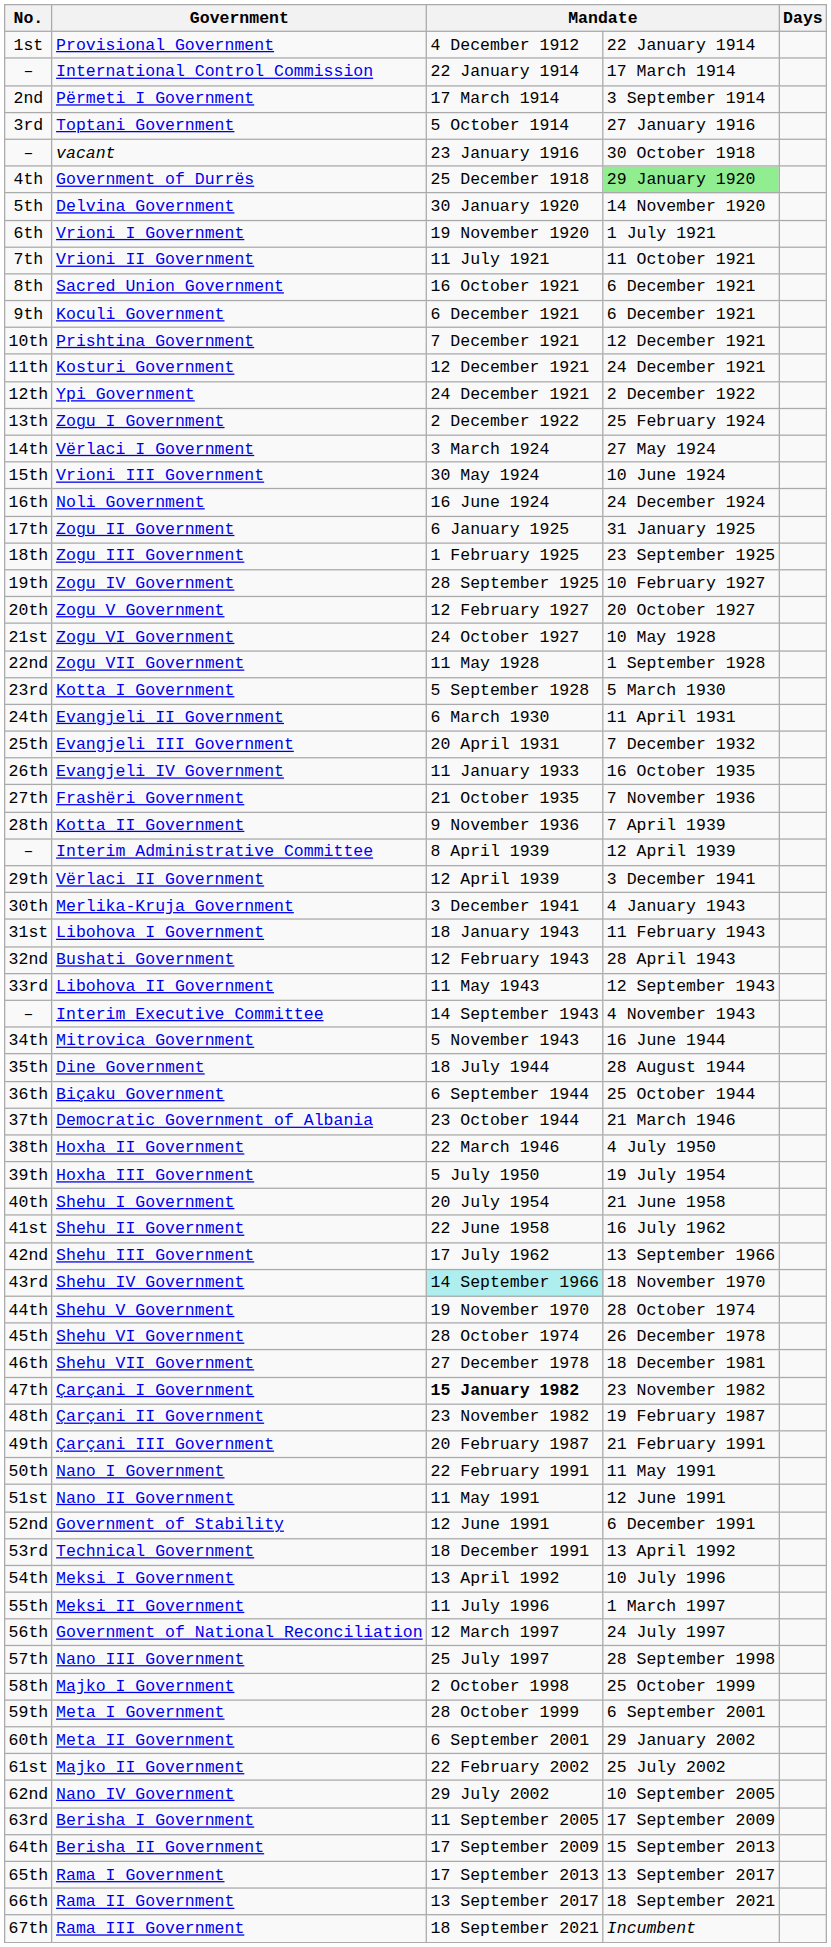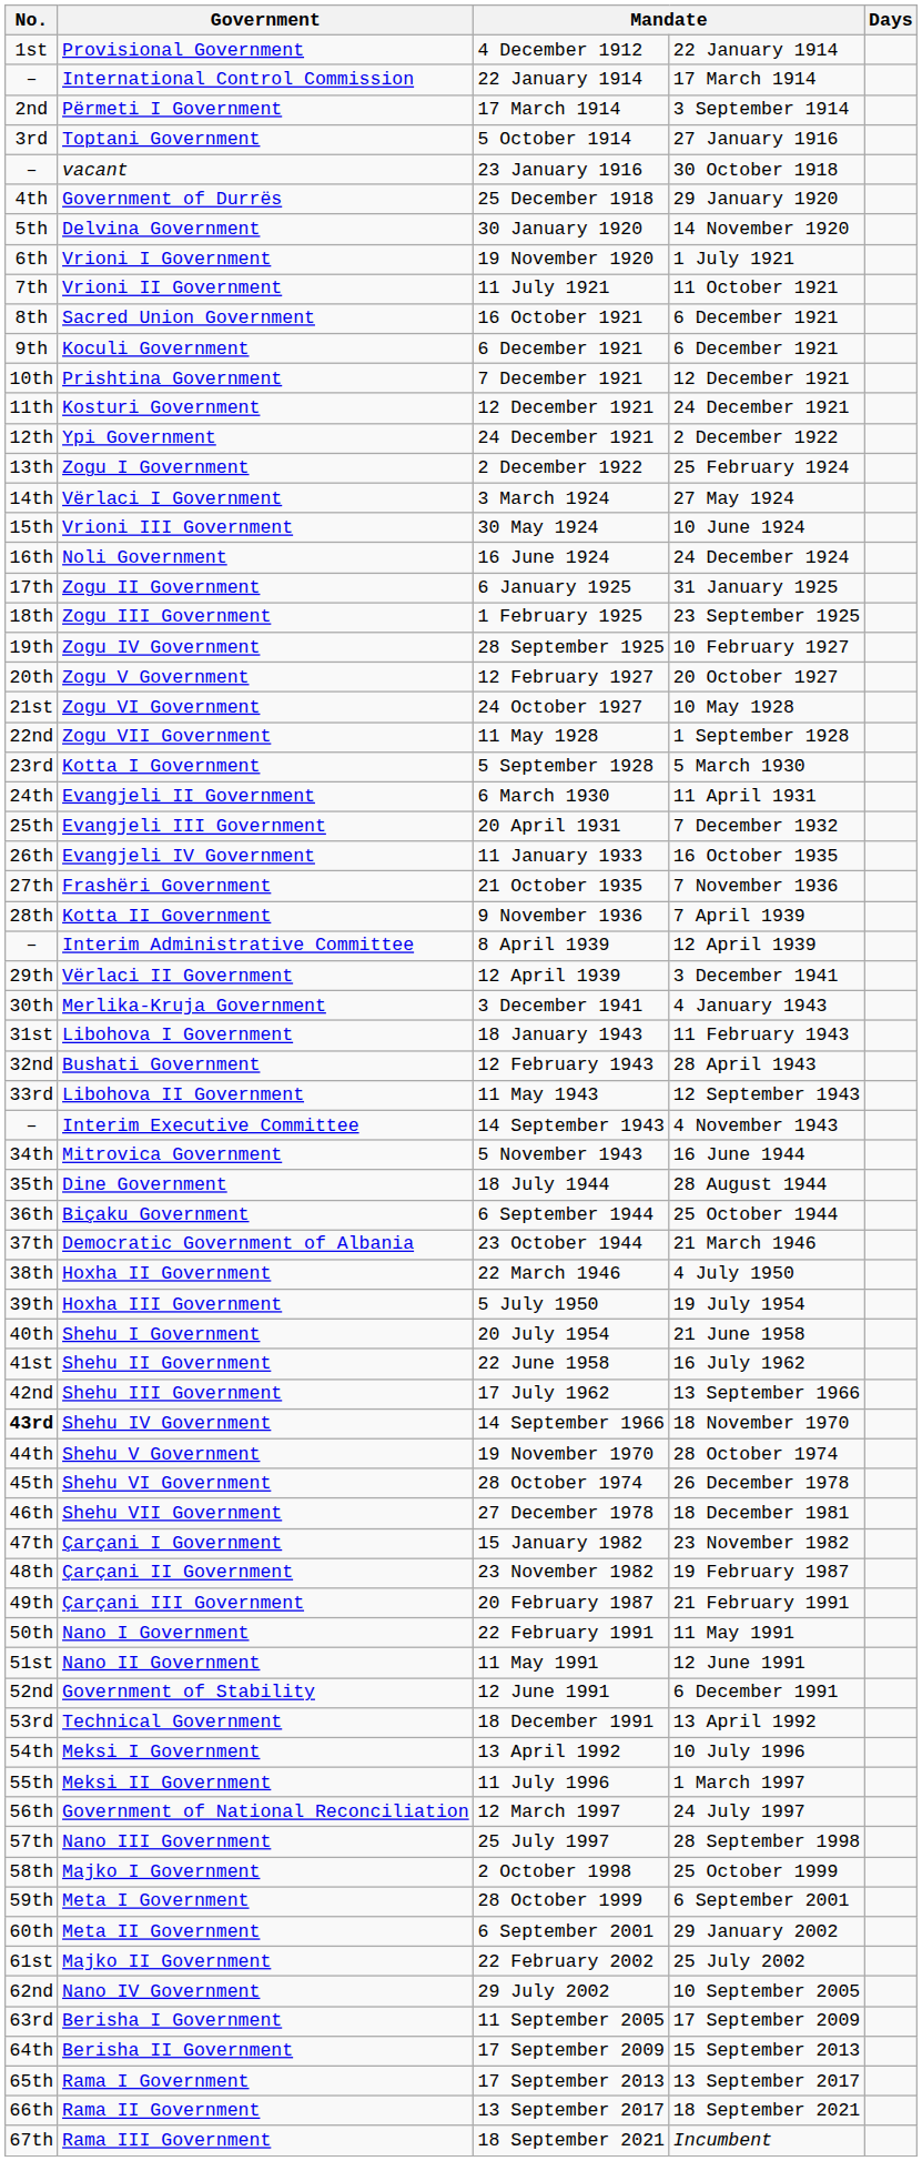 <table class="wikitable">
 <tr>
 <th>No.</th>
 <th>Government</th>
 <th colspan=2>Mandate</th>
 <th>Days</th>
 </tr>
 <tr>
 <td align="center">1st</td>
 <td><a href='#'>Provisional Government</a></td>
 <td>4 December 1912</td>
 <td>22 January 1914</td>
 <td align="center"></td>
 </tr>
 <tr>
 <td align="center">–</td>
 <td><a href='#'>International Control Commission</a></td>
 <td>22 January 1914</td>
 <td>17 March 1914</td>
 <td align="center"></td>
 </tr>
 <tr>
 <td align="center">2nd</td>
 <td><a href='#'>Përmeti I Government</a></td>
 <td>17 March 1914</td>
 <td>3 September 1914</td>
 <td align="center"></td>
 </tr>
 <tr>
 <td align="center">3rd</td>
 <td><a href='#'>Toptani Government</a></td>
 <td>5 October 1914</td>
 <td>27 January 1916</td>
 <td align="center"></td>
 </tr>
 <tr>
 <td align="center">–</td>
 <td><em>vacant</em></td>
 <td>23 January 1916</td>
 <td>30 October 1918</td>
 <td align="center"></td>
 </tr>
 <tr>
 <td align="center">4th</td>
 <td><a href='#'>Government of Durrës</a></td>
 <td>25 December 1918</td>
-<td style="background: lightgreen;">29 January 1920</td>
+<td>29 January 1920</td>
 <td align="center"></td>
 </tr>
 <tr>
 <td align="center">5th</td>
 <td><a href='#'>Delvina Government</a></td>
 <td>30 January 1920</td>
 <td>14 November 1920</td>
 <td align="center"></td>
 </tr>
 <tr>
 <td align="center">6th</td>
 <td><a href='#'>Vrioni I Government</a></td>
 <td>19 November 1920</td>
 <td>1 July 1921</td>
 <td align="center"></td>
 </tr>
 <tr>
 <td align="center">7th</td>
 <td><a href='#'>Vrioni II Government</a></td>
 <td>11 July 1921</td>
 <td>11 October 1921</td>
 <td align="center"></td>
 </tr>
 <tr>
 <td align="center">8th</td>
 <td><a href='#'>Sacred Union Government</a></td>
 <td>16 October 1921</td>
 <td>6 December 1921</td>
 <td align="center"></td>
 </tr>
 <tr>
 <td align="center">9th</td>
 <td><a href='#'>Koculi Government</a></td>
 <td>6 December 1921</td>
 <td>6 December 1921</td>
 <td align="center"></td>
 </tr>
 <tr>
 <td align="center">10th</td>
 <td><a href='#'>Prishtina Government</a></td>
 <td>7 December 1921</td>
 <td>12 December 1921</td>
 <td align="center"></td>
 </tr>
 <tr>
 <td align="center">11th</td>
 <td><a href='#'>Kosturi Government</a></td>
 <td>12 December 1921</td>
 <td>24 December 1921</td>
 <td align="center"></td>
 </tr>
 <tr>
 <td align="center">12th</td>
 <td><a href='#'>Ypi Government</a></td>
 <td>24 December 1921</td>
 <td>2 December 1922</td>
 <td align="center"></td>
 </tr>
 <tr>
 <td align="center">13th</td>
 <td><a href='#'>Zogu I Government</a></td>
 <td>2 December 1922</td>
 <td>25 February 1924</td>
 <td align="center"></td>
 </tr>
 <tr>
 <td align="center">14th</td>
 <td><a href='#'>Vërlaci I Government</a></td>
 <td>3 March 1924</td>
 <td>27 May 1924</td>
 <td align="center"></td>
 </tr>
 <tr>
 <td align="center">15th</td>
 <td><a href='#'>Vrioni III Government</a></td>
 <td>30 May 1924</td>
 <td>10 June 1924</td>
 <td align="center"></td>
 </tr>
 <tr>
 <td align="center">16th</td>
 <td><a href='#'>Noli Government</a></td>
 <td>16 June 1924</td>
 <td>24 December 1924</td>
 <td align="center"></td>
 </tr>
 <tr>
 <td align="center">17th</td>
 <td><a href='#'>Zogu II Government</a></td>
 <td>6 January 1925</td>
 <td>31 January 1925</td>
 <td align="center"></td>
 </tr>
 <tr>
 <td align="center">18th</td>
 <td><a href='#'>Zogu III Government</a></td>
 <td>1 February 1925</td>
 <td>23 September 1925</td>
 <td align="center"></td>
 </tr>
 <tr>
 <td align="center">19th</td>
 <td><a href='#'>Zogu IV Government</a></td>
 <td>28 September 1925</td>
 <td>10 February 1927</td>
 <td align="center"></td>
 </tr>
 <tr>
 <td align="center">20th</td>
 <td><a href='#'>Zogu V Government</a></td>
 <td>12 February 1927</td>
 <td>20 October 1927</td>
 <td align="center"></td>
 </tr>
 <tr>
 <td align="center">21st</td>
 <td><a href='#'>Zogu VI Government</a></td>
 <td>24 October 1927</td>
 <td>10 May 1928</td>
 <td align="center"></td>
 </tr>
 <tr>
 <td align="center">22nd</td>
 <td><a href='#'>Zogu VII Government</a></td>
 <td>11 May 1928</td>
 <td>1 September 1928</td>
 <td align="center"></td>
 </tr>
 <tr>
 <td align="center">23rd</td>
 <td><a href='#'>Kotta I Government</a></td>
 <td>5 September 1928</td>
 <td>5 March 1930</td>
 <td align="center"></td>
 </tr>
 <tr>
 <td align="center">24th</td>
 <td><a href='#'>Evangjeli II Government</a></td>
 <td>6 March 1930</td>
 <td>11 April 1931</td>
 <td align="center"></td>
 </tr>
 <tr>
 <td align="center">25th</td>
 <td><a href='#'>Evangjeli III Government</a></td>
 <td>20 April 1931</td>
 <td>7 December 1932</td>
 <td align="center"></td>
 </tr>
 <tr>
 <td align="center">26th</td>
 <td><a href='#'>Evangjeli IV Government</a></td>
 <td>11 January 1933</td>
 <td>16 October 1935</td>
 <td align="center"></td>
 </tr>
 <tr>
 <td align="center">27th</td>
 <td><a href='#'>Frashëri Government</a></td>
 <td>21 October 1935</td>
 <td>7 November 1936</td>
 <td align="center"></td>
 </tr>
 <tr>
 <td align="center">28th</td>
 <td><a href='#'>Kotta II Government</a></td>
 <td>9 November 1936</td>
 <td>7 April 1939</td>
 <td align="center"></td>
 </tr>
 <tr>
 <td align="center">–</td>
 <td><a href='#'>Interim Administrative Committee</a></td>
 <td>8 April 1939</td>
 <td>12 April 1939</td>
 <td align="center"></td>
 </tr>
 <tr>
 <td align="center">29th</td>
 <td><a href='#'>Vërlaci II Government</a></td>
 <td>12 April 1939</td>
 <td>3 December 1941</td>
 <td align="center"></td>
 </tr>
 <tr>
 <td align="center">30th</td>
 <td><a href='#'>Merlika-Kruja Government</a></td>
 <td>3 December 1941</td>
 <td>4 January 1943</td>
 <td align="center"></td>
 </tr>
 <tr>
 <td align="center">31st</td>
 <td><a href='#'>Libohova I Government</a></td>
 <td>18 January 1943</td>
 <td>11 February 1943</td>
 <td align="center"></td>
 </tr>
 <tr>
 <td align="center">32nd</td>
 <td><a href='#'>Bushati Government</a></td>
 <td>12 February 1943</td>
 <td>28 April 1943</td>
 <td align="center"></td>
 </tr>
 <tr>
 <td align="center">33rd</td>
 <td><a href='#'>Libohova II Government</a></td>
 <td>11 May 1943</td>
 <td>12 September 1943</td>
 <td align="center"></td>
 </tr>
 <tr>
 <td align="center">–</td>
 <td><a href='#'>Interim Executive Committee</a></td>
 <td>14 September 1943</td>
 <td>4 November 1943</td>
 <td align="center"></td>
 </tr>
 <tr>
 <td align="center">34th</td>
 <td><a href='#'>Mitrovica Government</a></td>
 <td>5 November 1943</td>
 <td>16 June 1944</td>
 <td align="center"></td>
 </tr>
 <tr>
 <td align="center">35th</td>
 <td><a href='#'>Dine Government</a></td>
 <td>18 July 1944</td>
 <td>28 August 1944</td>
 <td align="center"></td>
 </tr>
 <tr>
 <td align="center">36th</td>
 <td><a href='#'>Biçaku Government</a></td>
 <td>6 September 1944</td>
 <td>25 October 1944</td>
 <td align="center"></td>
 </tr>
 <tr>
 <td align="center">37th</td>
 <td><a href='#'>Democratic Government of Albania</a></td>
 <td>23 October 1944</td>
 <td>21 March 1946</td>
 <td align="center"></td>
 </tr>
 <tr>
 <td align="center">38th</td>
 <td><a href='#'>Hoxha II Government</a></td>
 <td>22 March 1946</td>
 <td>4 July 1950</td>
 <td align="center"></td>
 </tr>
 <tr>
 <td align="center">39th</td>
 <td><a href='#'>Hoxha III Government</a></td>
 <td>5 July 1950</td>
 <td>19 July 1954</td>
 <td align="center"></td>
 </tr>
 <tr>
 <td align="center">40th</td>
 <td><a href='#'>Shehu I Government</a></td>
 <td>20 July 1954</td>
 <td>21 June 1958</td>
 <td align="center"></td>
 </tr>
 <tr>
 <td align="center">41st</td>
 <td><a href='#'>Shehu II Government</a></td>
 <td>22 June 1958</td>
 <td>16 July 1962</td>
 <td align="center"></td>
 </tr>
 <tr>
 <td align="center">42nd</td>
 <td><a href='#'>Shehu III Government</a></td>
 <td>17 July 1962</td>
 <td>13 September 1966</td>
 <td align="center"></td>
 </tr>
 <tr>
-<td align="center">43rd</td>
+<td align="center"><strong>43rd</strong></td>
 <td><a href='#'>Shehu IV Government</a></td>
-<td style="background: paleturquoise;">14 September 1966</td>
+<td>14 September 1966</td>
 <td>18 November 1970</td>
 <td align="center"></td>
 </tr>
 <tr>
 <td align="center">44th</td>
 <td><a href='#'>Shehu V Government</a></td>
 <td>19 November 1970</td>
 <td>28 October 1974</td>
 <td align="center"></td>
 </tr>
 <tr>
 <td align="center">45th</td>
 <td><a href='#'>Shehu VI Government</a></td>
 <td>28 October 1974</td>
 <td>26 December 1978</td>
 <td align="center"></td>
 </tr>
 <tr>
 <td align="center">46th</td>
 <td><a href='#'>Shehu VII Government</a></td>
 <td>27 December 1978</td>
 <td>18 December 1981</td>
 <td align="center"></td>
 </tr>
 <tr>
 <td align="center">47th</td>
 <td><a href='#'>Çarçani I Government</a></td>
-<td><strong>15 January 1982</strong></td>
+<td>15 January 1982</td>
 <td>23 November 1982</td>
 <td align="center"></td>
 </tr>
 <tr>
 <td align="center">48th</td>
 <td><a href='#'>Çarçani II Government</a></td>
 <td>23 November 1982</td>
 <td>19 February 1987</td>
 <td align="center"></td>
 </tr>
 <tr>
 <td align="center">49th</td>
 <td><a href='#'>Çarçani III Government</a></td>
 <td>20 February 1987</td>
 <td>21 February 1991</td>
 <td align="center"></td>
 </tr>
 <tr>
 <td align="center">50th</td>
 <td><a href='#'>Nano I Government</a></td>
 <td>22 February 1991</td>
 <td>11 May 1991</td>
 <td align="center"></td>
 </tr>
 <tr>
 <td align="center">51st</td>
 <td><a href='#'>Nano II Government</a></td>
 <td>11 May 1991</td>
 <td>12 June 1991</td>
 <td align="center"></td>
 </tr>
 <tr>
 <td align="center">52nd</td>
 <td><a href='#'>Government of Stability</a></td>
 <td>12 June 1991</td>
 <td>6 December 1991</td>
 <td align="center"></td>
 </tr>
 <tr>
 <td align="center">53rd</td>
 <td><a href='#'>Technical Government</a></td>
 <td>18 December 1991</td>
 <td>13 April 1992</td>
 <td align="center"></td>
 </tr>
 <tr>
 <td align="center">54th</td>
 <td><a href='#'>Meksi I Government</a></td>
 <td>13 April 1992</td>
 <td>10 July 1996</td>
 <td align="center"></td>
 </tr>
 <tr>
 <td align="center">55th</td>
 <td><a href='#'>Meksi II Government</a></td>
 <td>11 July 1996</td>
 <td>1 March 1997</td>
 <td align="center"></td>
 </tr>
 <tr>
 <td align="center">56th</td>
 <td><a href='#'>Government of National Reconciliation</a></td>
 <td>12 March 1997</td>
 <td>24 July 1997</td>
 <td align="center"></td>
 </tr>
 <tr>
 <td align="center">57th</td>
 <td><a href='#'>Nano III Government</a></td>
 <td>25 July 1997</td>
 <td>28 September 1998</td>
 <td align="center"></td>
 </tr>
 <tr>
 <td align="center">58th</td>
 <td><a href='#'>Majko I Government</a></td>
 <td>2 October 1998</td>
 <td>25 October 1999</td>
 <td align="center"></td>
 </tr>
 <tr>
 <td align="center">59th</td>
 <td><a href='#'>Meta I Government</a></td>
 <td>28 October 1999</td>
 <td>6 September 2001</td>
 <td align="center"></td>
 </tr>
 <tr>
 <td align="center">60th</td>
 <td><a href='#'>Meta II Government</a></td>
 <td>6 September 2001</td>
 <td>29 January 2002</td>
 <td align="center"></td>
 </tr>
 <tr>
 <td align="center">61st</td>
 <td><a href='#'>Majko II Government</a></td>
 <td>22 February 2002</td>
 <td>25 July 2002</td>
 <td align="center"></td>
 </tr>
 <tr>
 <td align="center">62nd</td>
 <td><a href='#'>Nano IV Government</a></td>
 <td>29 July 2002</td>
 <td>10 September 2005</td>
 <td align="center"></td>
 </tr>
 <tr>
 <td align="center">63rd</td>
 <td><a href='#'>Berisha I Government</a></td>
 <td>11 September 2005</td>
 <td>17 September 2009</td>
 <td align="center"></td>
 </tr>
 <tr>
 <td align="center">64th</td>
 <td><a href='#'>Berisha II Government</a></td>
 <td>17 September 2009</td>
 <td>15 September 2013</td>
 <td align="center"></td>
 </tr>
 <tr>
 <td align="center">65th</td>
 <td><a href='#'>Rama I Government</a></td>
 <td>17 September 2013</td>
 <td>13 September 2017</td>
 <td align="center"></td>
 </tr>
 <tr>
 <td align="center">66th</td>
 <td><a href='#'>Rama II Government</a></td>
 <td>13 September 2017</td>
 <td>18 September 2021</td>
 <td align="center"></td>
 </tr>
 <tr>
 <td align="center">67th</td>
 <td><a href='#'>Rama III Government</a></td>
 <td>18 September 2021</td>
 <td><em>Incumbent</em></td>
 <td align="center"></td>
 </tr>
 <tr>
 </tr>
 </table>
